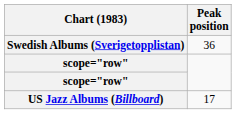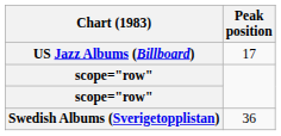 <table class="wikitable plainrowheaders sortable">
 <tr>
 <th scope="col">Chart (1983)</th>
 <th scope="col">Peak<br>position</th>
 </tr>
 <tr>
-<th scope="row">Swedish Albums (<a href='#'>Sverigetopplistan</a>)</th>
-<td align="center">36</td>
+<th scope="row">US <a href='#'>Jazz Albums</a> (<em><a href='#'>Billboard</a></em>)</th>
+<td align="center">17</td>
 </tr>
 <tr>
 <th>scope="row" </th>
 </tr>
 <tr>
 <th>scope="row" </th>
 </tr>
 <tr>
-<th scope="row">US <a href='#'>Jazz Albums</a> (<em><a href='#'>Billboard</a></em>)</th>
-<td align="center">17</td>
+<th scope="row">Swedish Albums (<a href='#'>Sverigetopplistan</a>)</th>
+<td align="center">36</td>
 </tr>
 </table>
